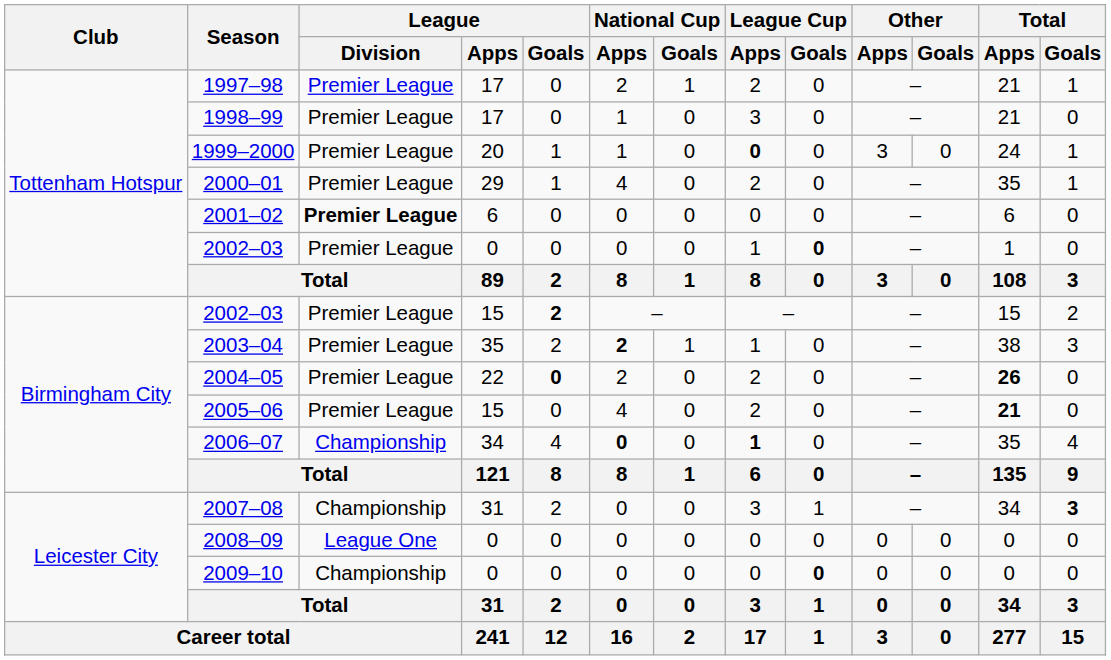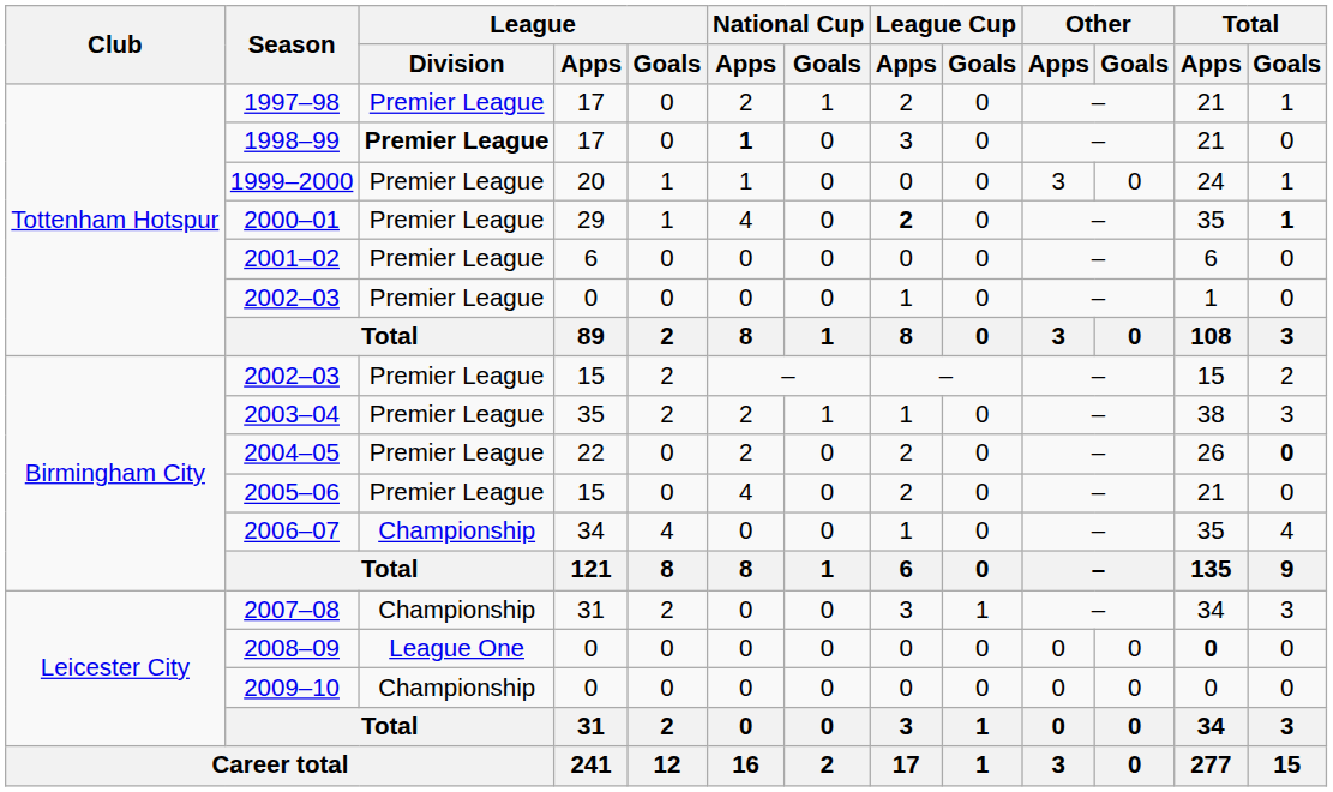 <table class="wikitable" style=text-align:center>
 <tr>
 <th rowspan=2>Club</th>
 <th rowspan=2>Season</th>
 <th colspan=3>League</th>
 <th colspan=2>National Cup</th>
 <th colspan=2>League Cup</th>
 <th colspan=2>Other</th>
 <th colspan=2>Total</th>
 </tr>
 <tr>
 <th>Division</th>
 <th>Apps</th>
 <th>Goals</th>
 <th>Apps</th>
 <th>Goals</th>
 <th>Apps</th>
 <th>Goals</th>
 <th>Apps</th>
 <th>Goals</th>
 <th>Apps</th>
 <th>Goals</th>
 </tr>
 <tr>
 <td rowspan=7><a href='#'>Tottenham Hotspur</a></td>
 <td><a href='#'>1997–98</a></td>
 <td><a href='#'>Premier League</a></td>
 <td>17</td>
 <td>0</td>
 <td>2</td>
 <td>1</td>
 <td>2</td>
 <td>0</td>
 <td colspan=2>–</td>
 <td>21</td>
 <td>1</td>
 </tr>
 <tr>
 <td><a href='#'>1998–99</a></td>
-<td>Premier League</td>
+<td><strong>Premier League</strong></td>
 <td>17</td>
 <td>0</td>
-<td>1</td>
+<td><strong>1</strong></td>
 <td>0</td>
 <td>3</td>
 <td>0</td>
 <td colspan=2>–</td>
 <td>21</td>
 <td>0</td>
 </tr>
 <tr>
 <td><a href='#'>1999–2000</a></td>
 <td>Premier League</td>
 <td>20</td>
 <td>1</td>
 <td>1</td>
 <td>0</td>
-<td><strong>0</strong></td>
+<td>0</td>
 <td>0</td>
 <td>3</td>
 <td>0</td>
 <td>24</td>
 <td>1</td>
 </tr>
 <tr>
 <td><a href='#'>2000–01</a></td>
 <td>Premier League</td>
 <td>29</td>
 <td>1</td>
 <td>4</td>
 <td>0</td>
-<td>2</td>
+<td><strong>2</strong></td>
 <td>0</td>
 <td colspan=2>–</td>
 <td>35</td>
-<td>1</td>
+<td><strong>1</strong></td>
 </tr>
 <tr>
 <td><a href='#'>2001–02</a></td>
-<td><strong>Premier League</strong></td>
+<td>Premier League</td>
 <td>6</td>
 <td>0</td>
 <td>0</td>
 <td>0</td>
 <td>0</td>
 <td>0</td>
 <td colspan=2>–</td>
 <td>6</td>
 <td>0</td>
 </tr>
 <tr>
 <td><a href='#'>2002–03</a></td>
 <td>Premier League</td>
 <td>0</td>
 <td>0</td>
 <td>0</td>
 <td>0</td>
 <td>1</td>
-<td><strong>0</strong></td>
+<td>0</td>
 <td colspan=2>–</td>
 <td>1</td>
 <td>0</td>
 </tr>
 <tr>
 <th colspan=2>Total</th>
 <th>89</th>
 <th>2</th>
 <th>8</th>
 <th>1</th>
 <th>8</th>
 <th>0</th>
 <th>3</th>
 <th>0</th>
 <th>108</th>
 <th>3</th>
 </tr>
 <tr>
 <td rowspan=6><a href='#'>Birmingham City</a></td>
 <td><a href='#'>2002–03</a></td>
 <td>Premier League</td>
 <td>15</td>
-<td><strong>2</strong></td>
+<td>2</td>
 <td colspan=2>–</td>
 <td colspan=2>–</td>
 <td colspan=2>–</td>
 <td>15</td>
 <td>2</td>
 </tr>
 <tr>
 <td><a href='#'>2003–04</a></td>
 <td>Premier League</td>
 <td>35</td>
 <td>2</td>
-<td><strong>2</strong></td>
+<td>2</td>
 <td>1</td>
 <td>1</td>
 <td>0</td>
 <td colspan=2>–</td>
 <td>38</td>
 <td>3</td>
 </tr>
 <tr>
 <td><a href='#'>2004–05</a></td>
 <td>Premier League</td>
 <td>22</td>
-<td><strong>0</strong></td>
+<td>0</td>
 <td>2</td>
 <td>0</td>
 <td>2</td>
 <td>0</td>
 <td colspan=2>–</td>
-<td><strong>26</strong></td>
-<td>0</td>
+<td>26</td>
+<td><strong>0</strong></td>
 </tr>
 <tr>
 <td><a href='#'>2005–06</a></td>
 <td>Premier League</td>
 <td>15</td>
 <td>0</td>
 <td>4</td>
 <td>0</td>
 <td>2</td>
 <td>0</td>
 <td colspan=2>–</td>
-<td><strong>21</strong></td>
+<td>21</td>
 <td>0</td>
 </tr>
 <tr>
 <td><a href='#'>2006–07</a></td>
 <td><a href='#'>Championship</a></td>
 <td>34</td>
 <td>4</td>
-<td><strong>0</strong></td>
 <td>0</td>
-<td><strong>1</strong></td>
+<td>0</td>
+<td>1</td>
 <td>0</td>
 <td colspan=2>–</td>
 <td>35</td>
 <td>4</td>
 </tr>
 <tr>
 <th colspan=2>Total</th>
 <th>121</th>
 <th>8</th>
 <th>8</th>
 <th>1</th>
 <th>6</th>
 <th>0</th>
 <th colspan=2>–</th>
 <th>135</th>
 <th>9</th>
 </tr>
 <tr>
 <td rowspan=4><a href='#'>Leicester City</a></td>
 <td><a href='#'>2007–08</a></td>
 <td>Championship</td>
 <td>31</td>
 <td>2</td>
 <td>0</td>
 <td>0</td>
 <td>3</td>
 <td>1</td>
 <td colspan=2>–</td>
 <td>34</td>
-<td><strong>3</strong></td>
+<td>3</td>
 </tr>
 <tr>
 <td><a href='#'>2008–09</a></td>
 <td><a href='#'>League One</a></td>
 <td>0</td>
 <td>0</td>
 <td>0</td>
 <td>0</td>
 <td>0</td>
 <td>0</td>
 <td>0</td>
 <td>0</td>
-<td>0</td>
+<td><strong>0</strong></td>
 <td>0</td>
 </tr>
 <tr>
 <td><a href='#'>2009–10</a></td>
 <td>Championship</td>
 <td>0</td>
 <td>0</td>
 <td>0</td>
 <td>0</td>
 <td>0</td>
-<td><strong>0</strong></td>
+<td>0</td>
 <td>0</td>
 <td>0</td>
 <td>0</td>
 <td>0</td>
 </tr>
 <tr>
 <th colspan=2>Total</th>
 <th>31</th>
 <th>2</th>
 <th>0</th>
 <th>0</th>
 <th>3</th>
 <th>1</th>
 <th>0</th>
 <th>0</th>
 <th>34</th>
 <th>3</th>
 </tr>
 <tr>
 <th colspan=3>Career total</th>
 <th>241</th>
 <th>12</th>
 <th>16</th>
 <th>2</th>
 <th>17</th>
 <th>1</th>
 <th>3</th>
 <th>0</th>
 <th>277</th>
 <th>15</th>
 </tr>
 </table>
